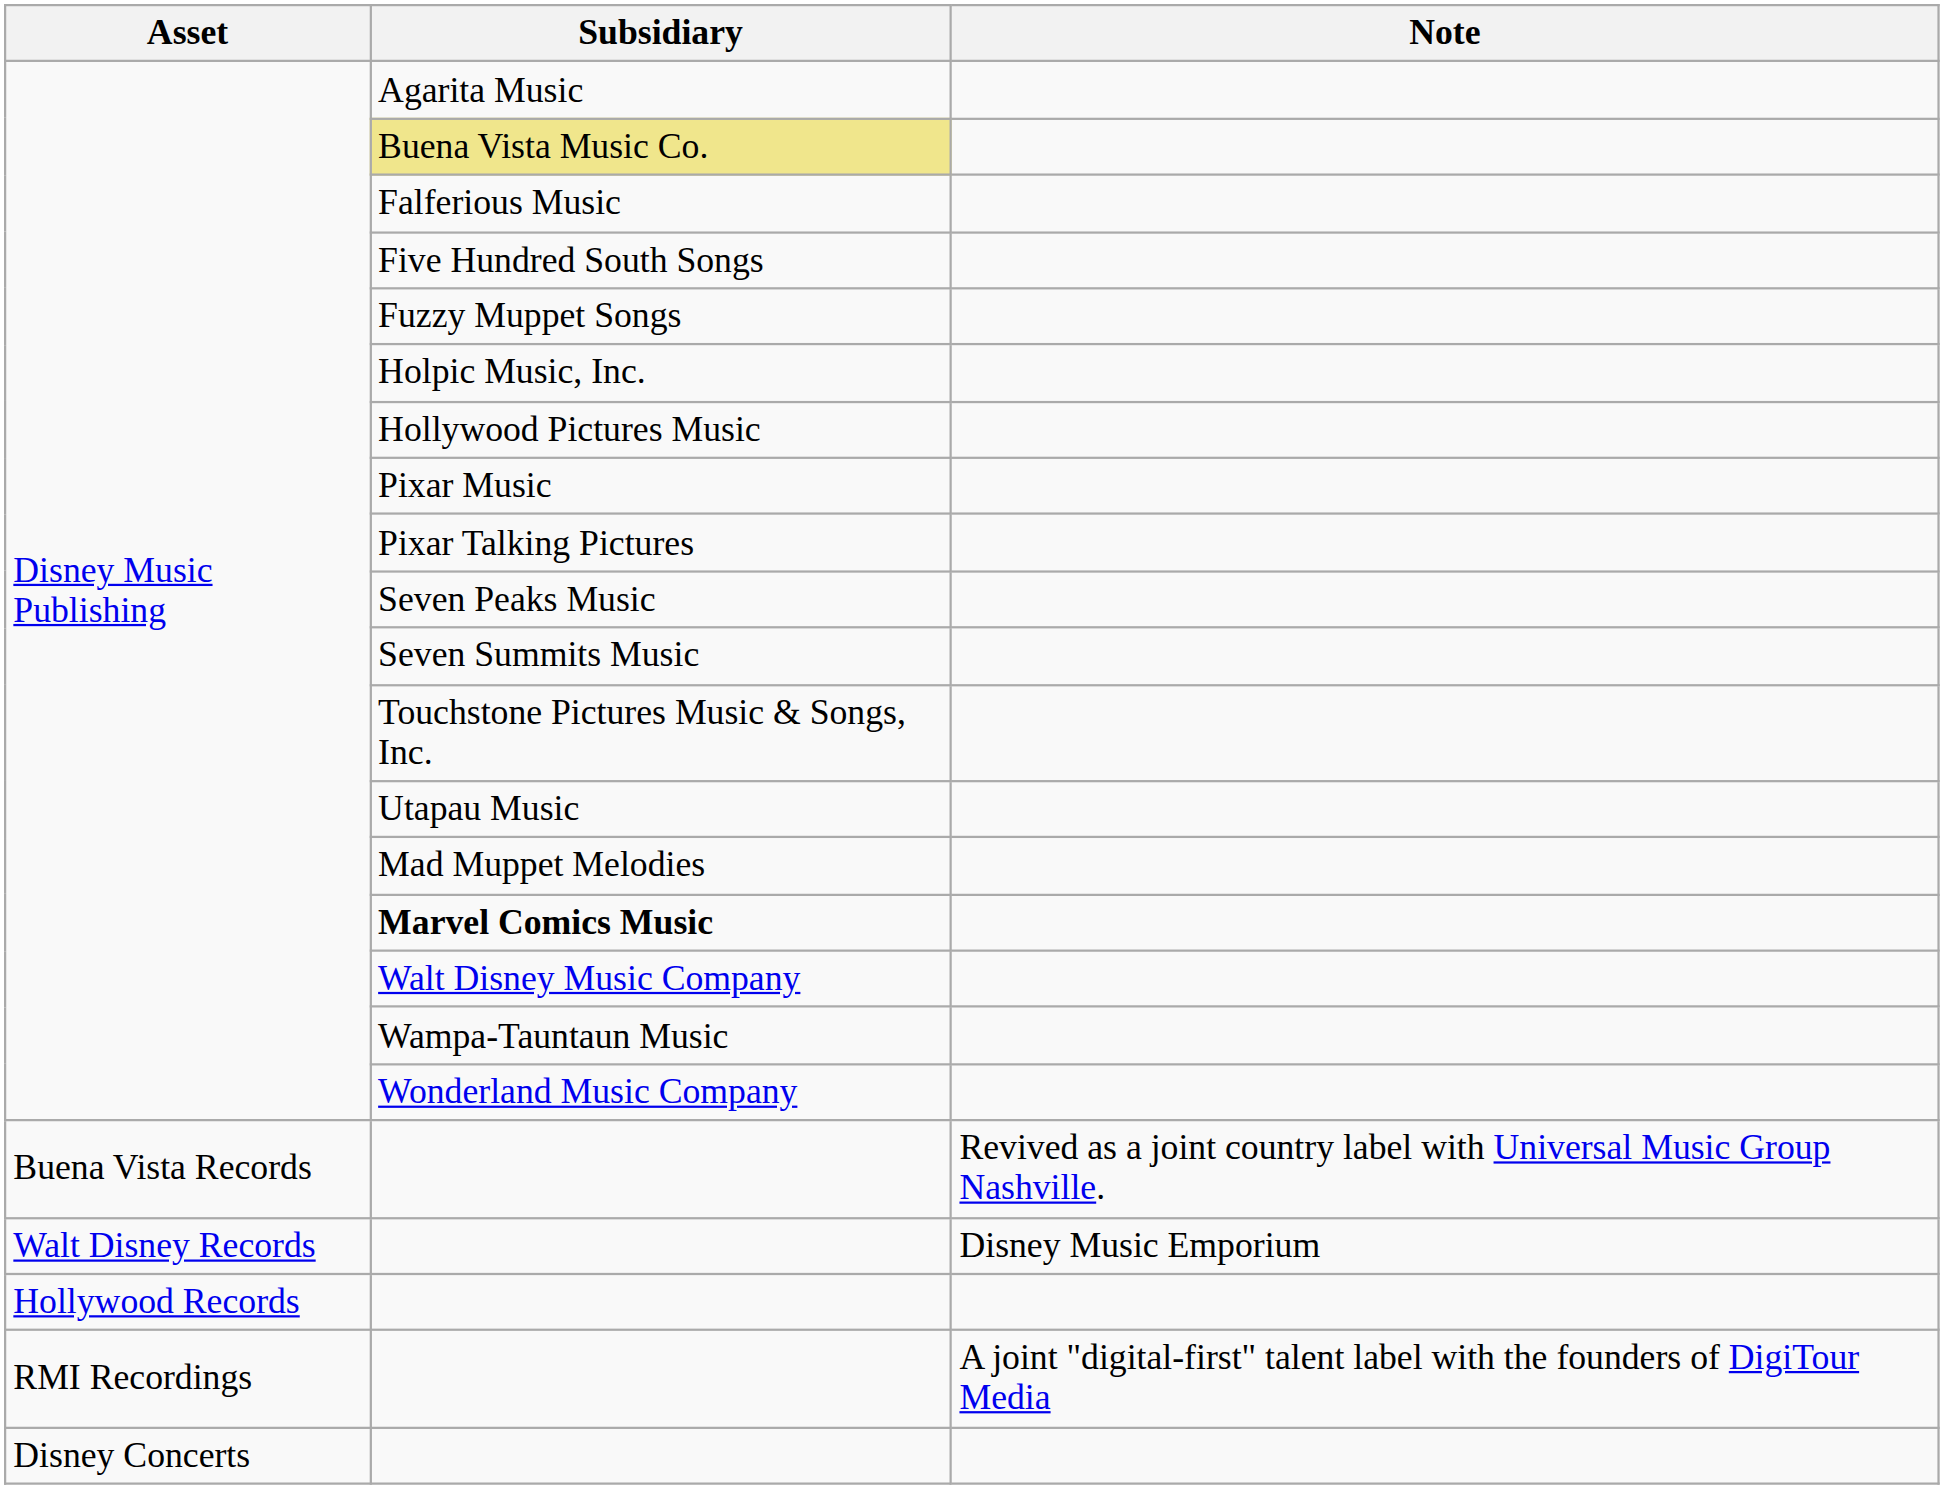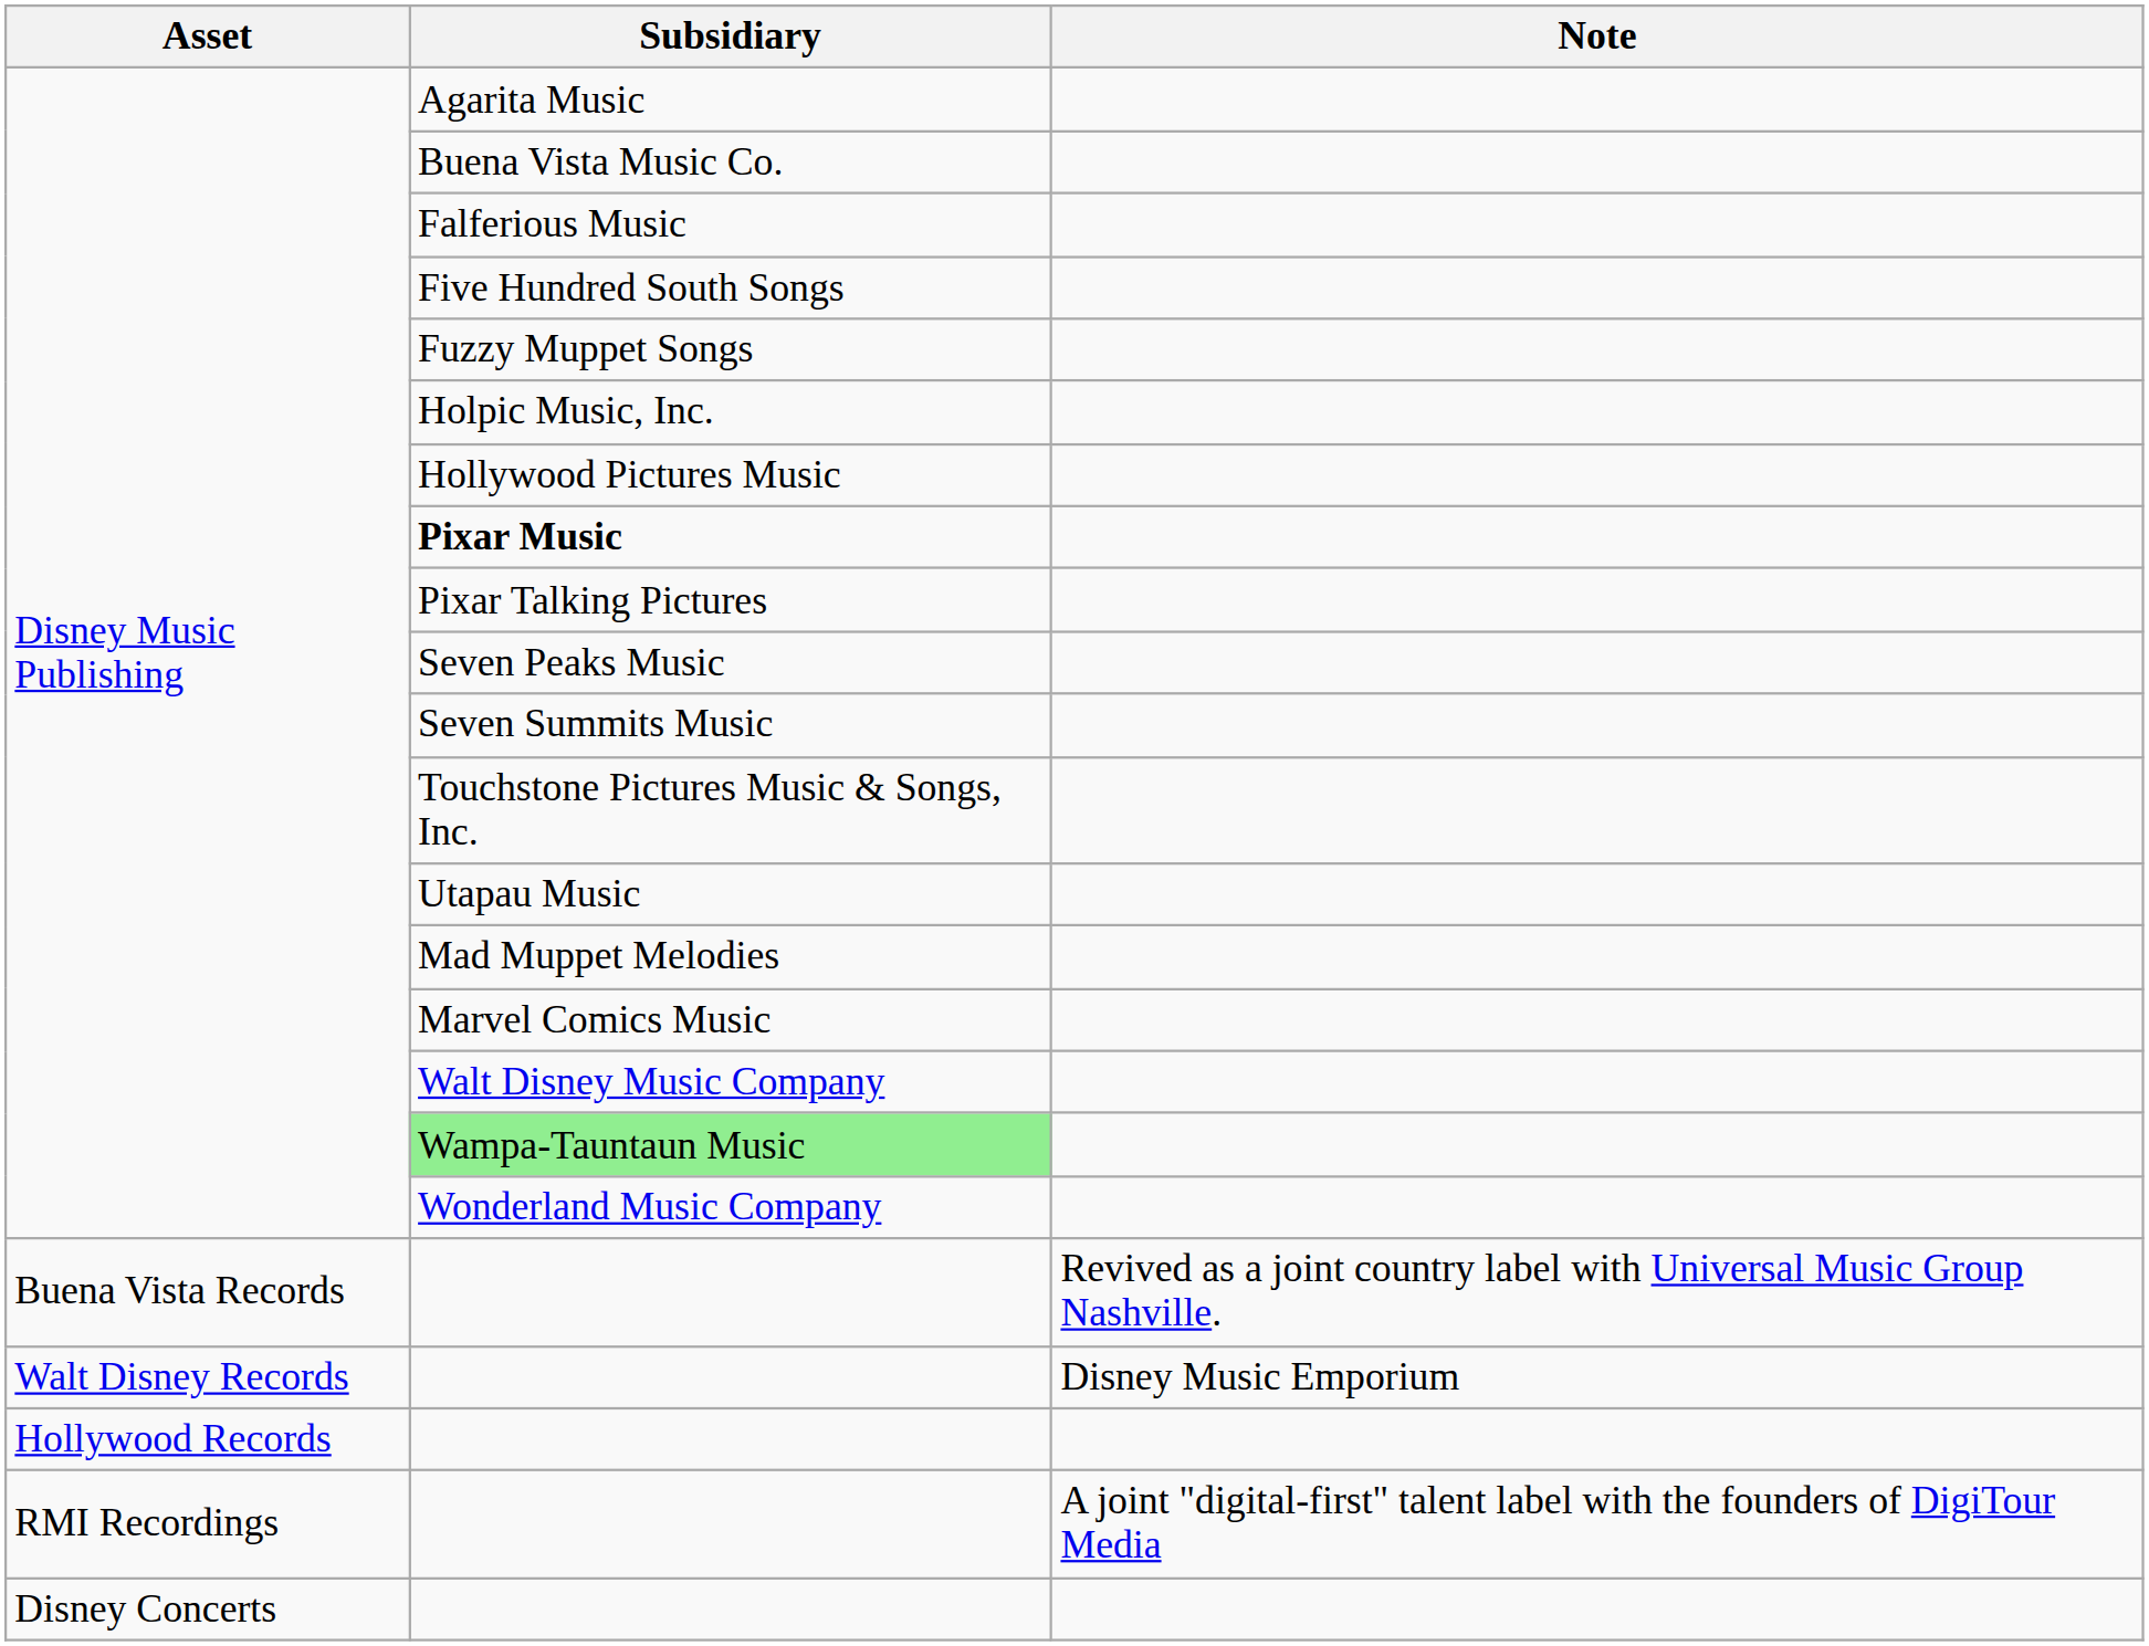 <table class="wikitable">
 <tr>
 <th>Asset</th>
 <th>Subsidiary</th>
 <th>Note</th>
 </tr>
 <tr>
 <td rowspan="18"><a href='#'>Disney Music Publishing</a></td>
 <td>Agarita Music</td>
 <td></td>
 </tr>
 <tr>
-<td style="background: khaki;">Buena Vista Music Co.</td>
+<td>Buena Vista Music Co.</td>
 <td></td>
 </tr>
 <tr>
 <td>Falferious Music</td>
 <td></td>
 </tr>
 <tr>
 <td>Five Hundred South Songs</td>
 <td></td>
 </tr>
 <tr>
 <td>Fuzzy Muppet Songs</td>
 <td></td>
 </tr>
 <tr>
 <td>Holpic Music, Inc.</td>
 <td></td>
 </tr>
 <tr>
 <td>Hollywood Pictures Music</td>
 <td></td>
 </tr>
 <tr>
-<td>Pixar Music</td>
+<td><strong>Pixar Music</strong></td>
 <td></td>
 </tr>
 <tr>
 <td>Pixar Talking Pictures</td>
 <td></td>
 </tr>
 <tr>
 <td>Seven Peaks Music</td>
 <td></td>
 </tr>
 <tr>
 <td>Seven Summits Music</td>
 <td></td>
 </tr>
 <tr>
 <td>Touchstone Pictures Music & Songs, Inc.</td>
 <td></td>
 </tr>
 <tr>
 <td>Utapau Music</td>
 <td></td>
 </tr>
 <tr>
 <td>Mad Muppet Melodies</td>
 <td></td>
 </tr>
 <tr>
-<td><strong>Marvel Comics Music</strong></td>
+<td>Marvel Comics Music</td>
 <td></td>
 </tr>
 <tr>
 <td><a href='#'>Walt Disney Music Company</a></td>
 <td></td>
 </tr>
 <tr>
-<td>Wampa-Tauntaun Music</td>
+<td style="background: lightgreen;">Wampa-Tauntaun Music</td>
 <td></td>
 </tr>
 <tr>
 <td><a href='#'>Wonderland Music Company</a></td>
 <td></td>
 </tr>
 <tr>
 <td>Buena Vista Records</td>
 <td></td>
 <td>Revived as a joint country label with <a href='#'>Universal Music Group Nashville</a>.</td>
 </tr>
 <tr>
 <td><a href='#'>Walt Disney Records</a></td>
 <td></td>
 <td>Disney Music Emporium</td>
 </tr>
 <tr>
 <td><a href='#'>Hollywood Records</a></td>
 <td></td>
 <td></td>
 </tr>
 <tr>
 <td>RMI Recordings</td>
 <td></td>
 <td>A joint "digital-first" talent label with the founders of <a href='#'>DigiTour Media</a></td>
 </tr>
 <tr>
 <td>Disney Concerts</td>
 <td></td>
 <td></td>
 </tr>
 </table>
